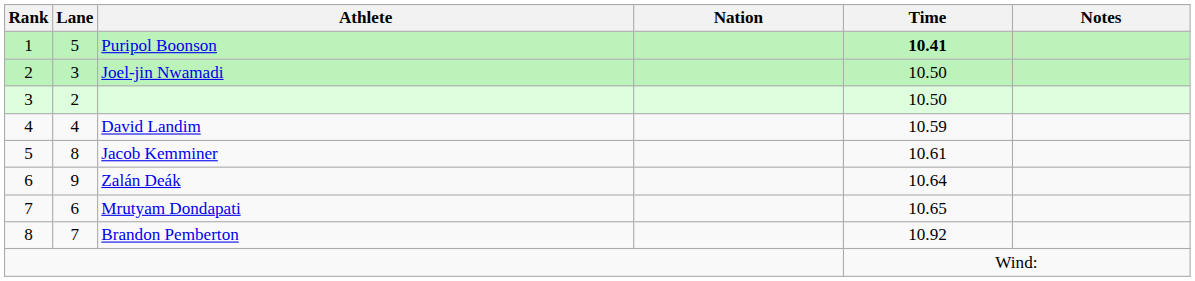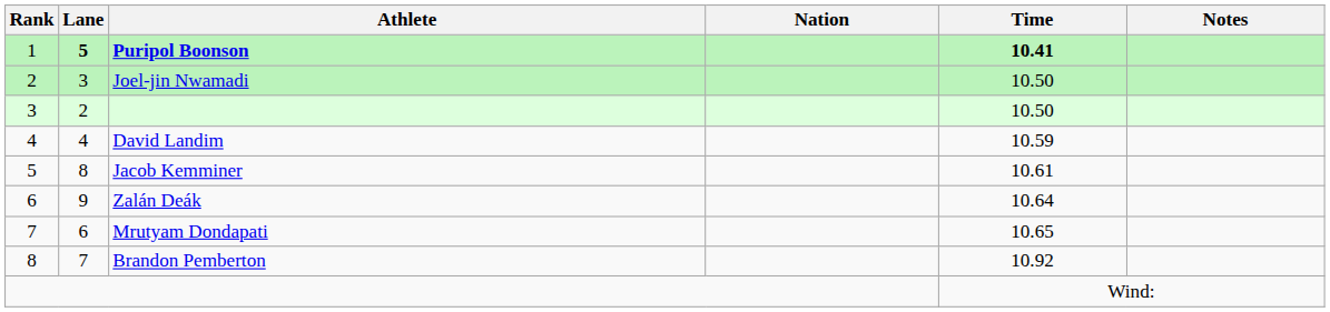 <table class="wikitable sortable" style="text-align:center;width: 70%;">
 <tr>
 <th scope="col" style="width: 10px;">Rank</th>
 <th scope="col" style="width: 10px;">Lane</th>
 <th scope="col">Athlete</th>
 <th scope="col">Nation</th>
 <th scope="col">Time</th>
 <th scope="col">Notes</th>
 </tr>
 <tr bgcolor=bbf3bb>
 <td>1</td>
-<td>5</td>
-<td align=left><a href='#'>Puripol Boonson</a></td>
+<td><strong>5</strong></td>
+<td align=left><strong><a href='#'>Puripol Boonson</a></strong></td>
 <td align=left></td>
 <td><strong>10.41</strong></td>
 <td></td>
 </tr>
 <tr bgcolor=bbf3bb>
 <td>2</td>
 <td>3</td>
 <td align=left><a href='#'>Joel-jin Nwamadi</a></td>
 <td align=left></td>
 <td>10.50 </td>
 <td></td>
 </tr>
 <tr bgcolor=ddffdd>
 <td>3</td>
 <td>2</td>
 <td align=left></td>
 <td align=left></td>
 <td>10.50 </td>
 <td></td>
 </tr>
 <tr>
 <td>4</td>
 <td>4</td>
 <td align=left><a href='#'>David Landim</a></td>
 <td align=left></td>
 <td>10.59</td>
 <td></td>
 </tr>
 <tr>
 <td>5</td>
 <td>8</td>
 <td align=left><a href='#'>Jacob Kemminer</a></td>
 <td align=left></td>
 <td>10.61</td>
 <td></td>
 </tr>
 <tr>
 <td>6</td>
 <td>9</td>
 <td align=left><a href='#'>Zalán Deák</a></td>
 <td align=left></td>
 <td>10.64</td>
 <td></td>
 </tr>
 <tr>
 <td>7</td>
 <td>6</td>
 <td align=left><a href='#'>Mrutyam Dondapati</a></td>
 <td align=left></td>
 <td>10.65</td>
 <td></td>
 </tr>
 <tr>
 <td>8</td>
 <td>7</td>
 <td align=left><a href='#'>Brandon Pemberton</a></td>
 <td align=left></td>
 <td>10.92</td>
 <td></td>
 </tr>
 <tr class="sortbottom">
 <td colspan="4"></td>
 <td colspan="2">Wind: </td>
 </tr>
 </table>
